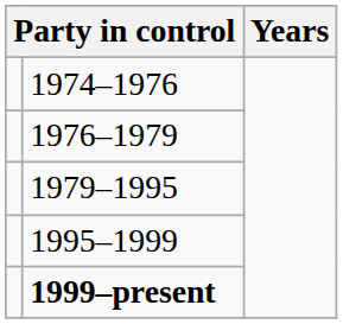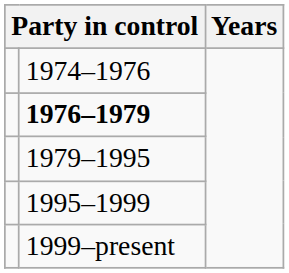 <table class="wikitable">
 <tr>
 <th colspan=2>Party in control</th>
 <th>Years</th>
 </tr>
 <tr>
 <td></td>
 <td>1974–1976</td>
 </tr>
 <tr>
 <td></td>
-<td>1976–1979</td>
+<td><strong>1976–1979</strong></td>
 </tr>
 <tr>
 <td></td>
 <td>1979–1995</td>
 </tr>
 <tr>
 <td></td>
 <td>1995–1999</td>
 </tr>
 <tr>
 <td></td>
-<td><strong>1999–present</strong></td>
+<td>1999–present</td>
 </tr>
 </table>
